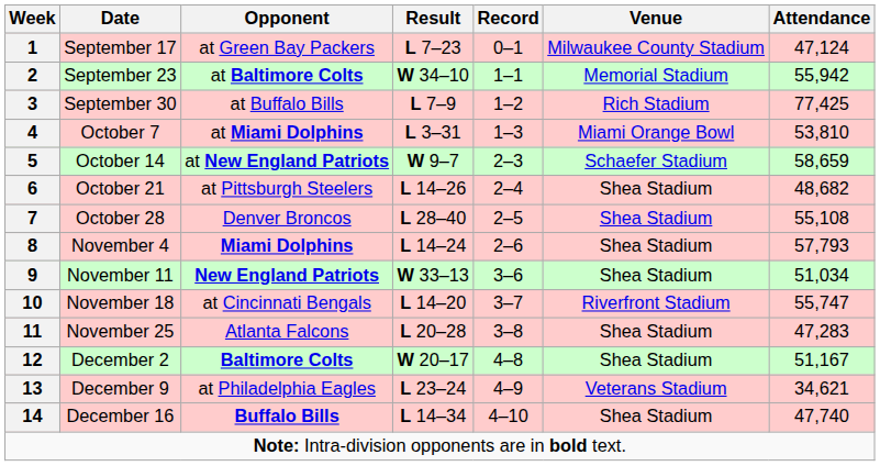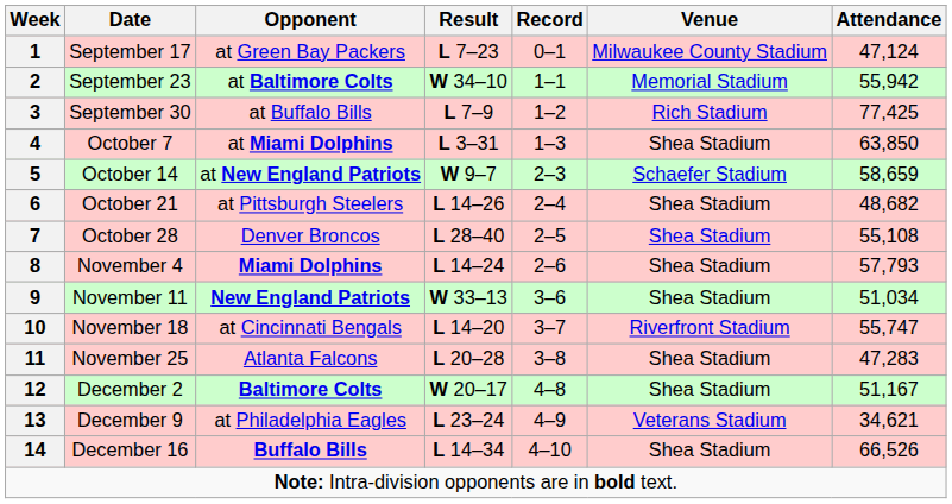 <table class="wikitable" style="text-align:center">
 <tr>
 <th>Week</th>
 <th>Date</th>
 <th>Opponent</th>
 <th>Result</th>
 <th>Record</th>
 <th>Venue</th>
 <th>Attendance</th>
 </tr>
 <tr style="background:#fcc">
 <th>1</th>
 <td>September 17</td>
 <td>at <a href='#'>Green Bay Packers</a></td>
 <td><strong>L</strong> 7–23</td>
 <td>0–1</td>
 <td><a href='#'>Milwaukee County Stadium</a></td>
 <td>47,124</td>
 </tr>
 <tr style="background:#cfc">
 <th>2</th>
 <td>September 23</td>
 <td>at <strong><a href='#'>Baltimore Colts</a></strong></td>
 <td><strong>W</strong> 34–10</td>
 <td>1–1</td>
 <td><a href='#'>Memorial Stadium</a></td>
 <td>55,942</td>
 </tr>
 <tr style="background:#fcc">
 <th>3</th>
 <td>September 30</td>
 <td>at <a href='#'>Buffalo Bills</a></td>
 <td><strong>L</strong> 7–9</td>
 <td>1–2</td>
 <td><a href='#'>Rich Stadium</a></td>
 <td>77,425</td>
 </tr>
 <tr style="background:#fcc">
 <th>4</th>
 <td>October 7</td>
 <td>at <strong><a href='#'>Miami Dolphins</a></strong></td>
 <td><strong>L</strong> 3–31</td>
 <td>1–3</td>
-<td><a href='#'>Miami Orange Bowl</a></td>
-<td>53,810</td>
+<td>Shea Stadium</td>
+<td>63,850</td>
 </tr>
 <tr style="background:#cfc">
 <th>5</th>
 <td>October 14</td>
 <td>at <strong><a href='#'>New England Patriots</a></strong></td>
 <td><strong>W</strong> 9–7</td>
 <td>2–3</td>
 <td><a href='#'>Schaefer Stadium</a></td>
 <td>58,659</td>
 </tr>
 <tr style="background:#fcc">
 <th>6</th>
 <td>October 21</td>
 <td>at <a href='#'>Pittsburgh Steelers</a></td>
 <td><strong>L</strong> 14–26</td>
 <td>2–4</td>
 <td>Shea Stadium</td>
 <td>48,682</td>
 </tr>
 <tr style="background:#fcc">
 <th>7</th>
 <td>October 28</td>
 <td><a href='#'>Denver Broncos</a></td>
 <td><strong>L</strong> 28–40</td>
 <td>2–5</td>
 <td><a href='#'>Shea Stadium</a></td>
 <td>55,108</td>
 </tr>
 <tr style="background:#fcc">
 <th>8</th>
 <td>November 4</td>
 <td><strong><a href='#'>Miami Dolphins</a></strong></td>
 <td><strong>L</strong> 14–24</td>
 <td>2–6</td>
 <td>Shea Stadium</td>
 <td>57,793</td>
 </tr>
 <tr style="background:#cfc">
 <th>9</th>
 <td>November 11</td>
 <td><strong><a href='#'>New England Patriots</a></strong></td>
 <td><strong>W</strong> 33–13</td>
 <td>3–6</td>
 <td>Shea Stadium</td>
 <td>51,034</td>
 </tr>
 <tr style="background:#fcc">
 <th>10</th>
 <td>November 18</td>
 <td>at <a href='#'>Cincinnati Bengals</a></td>
 <td><strong>L</strong> 14–20</td>
 <td>3–7</td>
 <td><a href='#'>Riverfront Stadium</a></td>
 <td>55,747</td>
 </tr>
 <tr style="background:#fcc">
 <th>11</th>
 <td>November 25</td>
 <td><a href='#'>Atlanta Falcons</a></td>
 <td><strong>L</strong> 20–28</td>
 <td>3–8</td>
 <td>Shea Stadium</td>
 <td>47,283</td>
 </tr>
 <tr style="background:#cfc">
 <th>12</th>
 <td>December 2</td>
 <td><strong><a href='#'>Baltimore Colts</a></strong></td>
 <td><strong>W</strong> 20–17</td>
 <td>4–8</td>
 <td>Shea Stadium</td>
 <td>51,167</td>
 </tr>
 <tr style="background:#fcc">
 <th>13</th>
 <td>December 9</td>
 <td>at <a href='#'>Philadelphia Eagles</a></td>
 <td><strong>L</strong> 23–24</td>
 <td>4–9</td>
 <td><a href='#'>Veterans Stadium</a></td>
 <td>34,621</td>
 </tr>
 <tr style="background:#fcc">
 <th>14</th>
 <td>December 16</td>
 <td><strong><a href='#'>Buffalo Bills</a></strong></td>
 <td><strong>L</strong> 14–34</td>
 <td>4–10</td>
 <td>Shea Stadium</td>
-<td>47,740</td>
+<td>66,526</td>
 </tr>
 <tr>
 <td colspan="8"><strong>Note:</strong> Intra-division opponents are in <strong>bold</strong> text.</td>
 </tr>
 </table>
